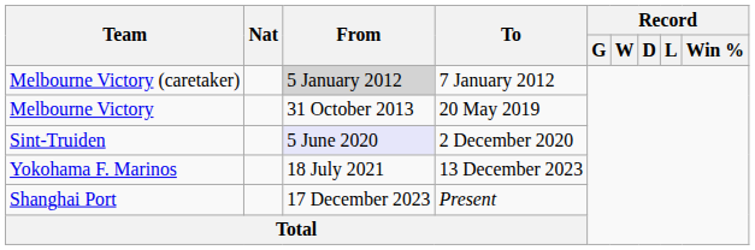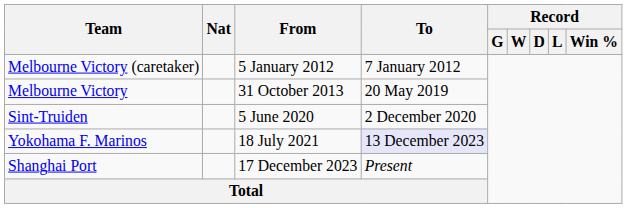 <table class="wikitable" style="text-align: center">
 <tr>
 <th rowspan="2">Team</th>
 <th rowspan="2">Nat</th>
 <th rowspan="2">From</th>
 <th rowspan="2">To</th>
 <th colspan="5">Record</th>
 </tr>
 <tr>
 <th>G</th>
 <th>W</th>
 <th>D</th>
 <th>L</th>
 <th>Win %</th>
 </tr>
 <tr>
 <td align=left><a href='#'>Melbourne Victory</a> (caretaker)</td>
 <td></td>
-<td align=left style="background: lightgrey;">5 January 2012</td>
+<td align=left>5 January 2012</td>
 <td align=left>7 January 2012<br></td>
 </tr>
 <tr>
 <td align=left><a href='#'>Melbourne Victory</a></td>
 <td></td>
 <td align=left>31 October 2013</td>
 <td align=left>20 May 2019<br></td>
 </tr>
 <tr>
 <td align=left><a href='#'>Sint-Truiden</a></td>
 <td></td>
-<td align=left style="background: lavender;">5 June 2020</td>
+<td align=left>5 June 2020</td>
 <td align=left>2 December 2020<br></td>
 </tr>
 <tr>
 <td align=left><a href='#'>Yokohama F. Marinos</a></td>
 <td></td>
 <td align=left>18 July 2021</td>
-<td align=left>13 December 2023<br></td>
+<td align=left style="background: lavender;">13 December 2023<br></td>
 </tr>
 <tr>
 <td align=left><a href='#'>Shanghai Port</a></td>
 <td></td>
 <td align=left>17 December 2023</td>
 <td align=left><em>Present</em><br></td>
 </tr>
 <tr>
 <th colspan="4">Total<br></th>
 </tr>
 </table>
